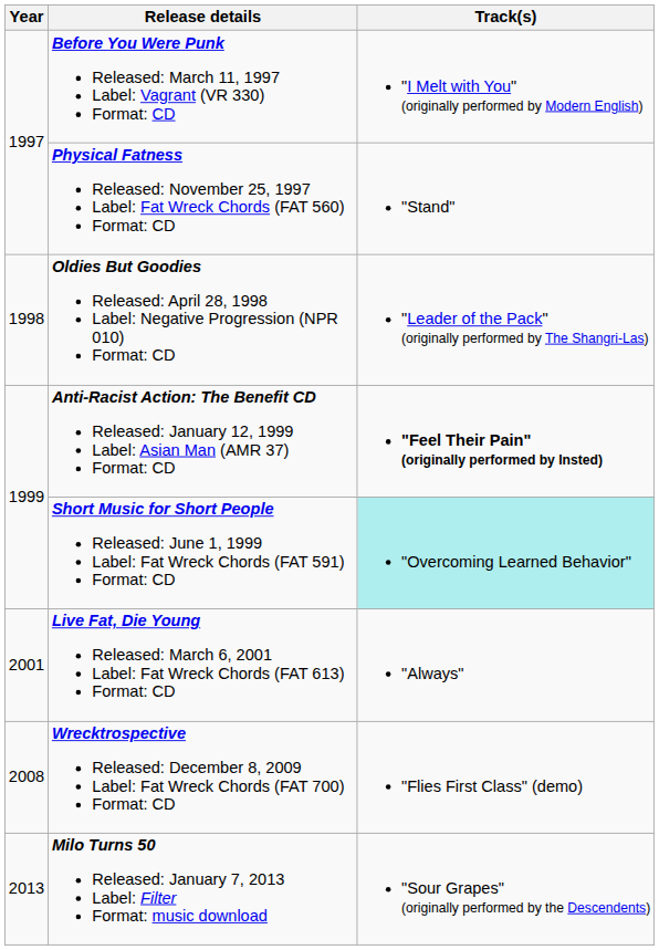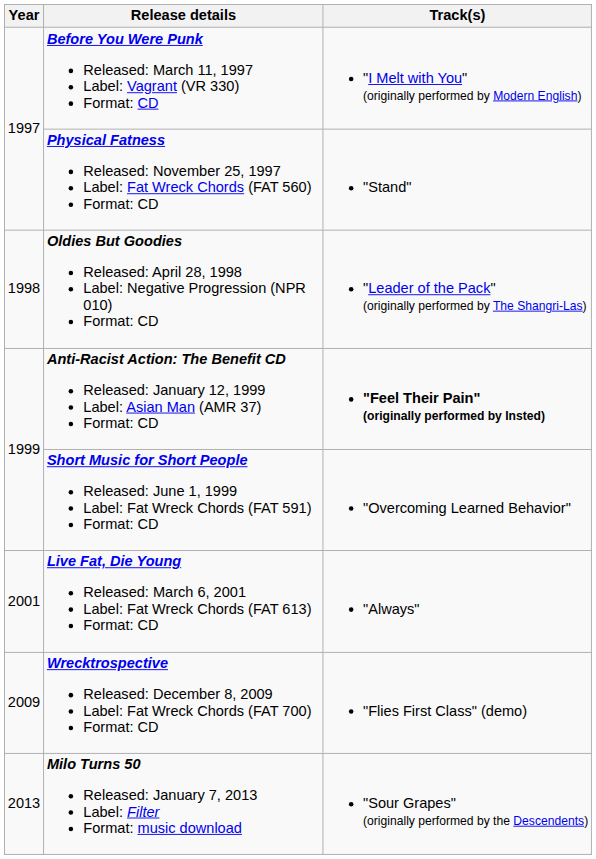 <table class ="wikitable">
 <tr>
 <th>Year</th>
 <th width="300">Release details</th>
 <th>Track(s)</th>
 </tr>
 <tr>
 <td rowspan="2">1997</td>
 <td><strong><em><a href='#'>Before You Were Punk</a></em></strong><br><ul><li>Released: March 11, 1997</li><li>Label: <a href='#'>Vagrant</a> (VR 330)</li><li>Format: <a href='#'>CD</a></li></ul></td>
 <td><br><ul><li>"<a href='#'>I Melt with You</a>"<br><small>(originally performed by <a href='#'>Modern English</a>)</small></li></ul></td>
 </tr>
 <tr>
 <td><strong><em><a href='#'>Physical Fatness</a></em></strong><br><ul><li>Released: November 25, 1997</li><li>Label: <a href='#'>Fat Wreck Chords</a> (FAT 560)</li><li>Format: CD</li></ul></td>
 <td><br><ul><li>"Stand"</li></ul></td>
 </tr>
 <tr>
 <td>1998</td>
 <td><strong><em>Oldies But Goodies</em></strong><br><ul><li>Released: April 28, 1998</li><li>Label: Negative Progression (NPR 010)</li><li>Format: CD</li></ul></td>
 <td><br><ul><li>"<a href='#'>Leader of the Pack</a>"<br><small>(originally performed by <a href='#'>The Shangri-Las</a>)</small></li></ul></td>
 </tr>
 <tr>
 <td rowspan="2">1999</td>
 <td><strong><em>Anti-Racist Action: The Benefit CD</em></strong><br><ul><li>Released: January 12, 1999</li><li>Label: <a href='#'>Asian Man</a> (AMR 37)</li><li>Format: CD</li></ul></td>
 <td><strong><br><ul><li>"Feel Their Pain"<br><small>(originally performed by Insted)</small></li></ul></strong></td>
 </tr>
 <tr>
 <td><strong><em><a href='#'>Short Music for Short People</a></em></strong><br><ul><li>Released: June 1, 1999</li><li>Label: Fat Wreck Chords (FAT 591)</li><li>Format: CD</li></ul></td>
-<td style="background: paleturquoise;"><br><ul><li>"Overcoming Learned Behavior"</li></ul></td>
+<td><br><ul><li>"Overcoming Learned Behavior"</li></ul></td>
 </tr>
 <tr>
 <td>2001</td>
 <td><strong><em><a href='#'>Live Fat, Die Young</a></em></strong><br><ul><li>Released: March 6, 2001</li><li>Label: Fat Wreck Chords (FAT 613)</li><li>Format: CD</li></ul></td>
 <td><br><ul><li>"Always"</li></ul></td>
 </tr>
 <tr>
-<td>2008</td>
+<td>2009</td>
 <td><strong><em><a href='#'>Wrecktrospective</a></em></strong><br><ul><li>Released: December 8, 2009</li><li>Label: Fat Wreck Chords (FAT 700)</li><li>Format: CD</li></ul></td>
 <td><br><ul><li>"Flies First Class" (demo)</li></ul></td>
 </tr>
 <tr>
 <td>2013</td>
 <td><strong><em>Milo Turns 50</em></strong><br><ul><li>Released: January 7, 2013</li><li>Label: <em><a href='#'>Filter</a></em></li><li>Format: <a href='#'>music download</a></li></ul></td>
 <td><br><ul><li>"Sour Grapes"<br><small>(originally performed by the <a href='#'>Descendents</a>)</small></li></ul></td>
 </tr>
 </table>
